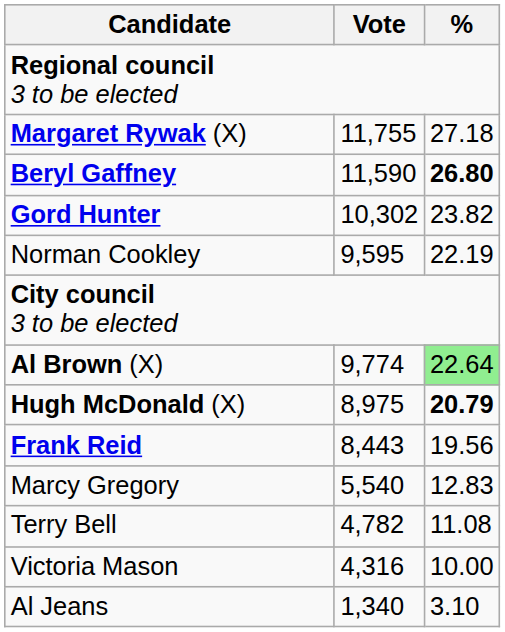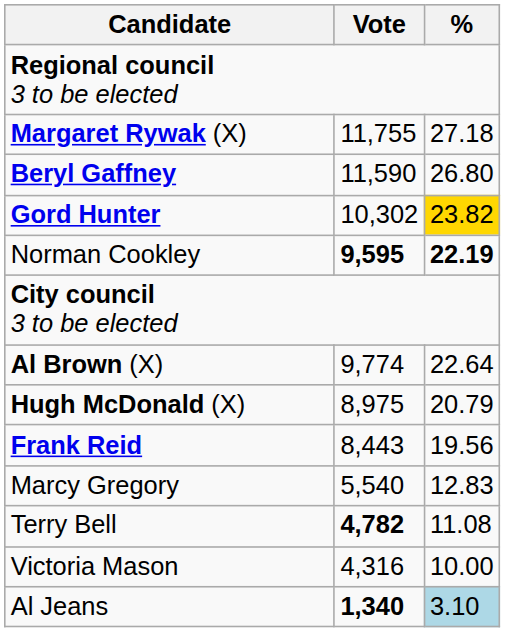 <table class="wikitable">
 <tr>
 <th bgcolor="#DDDDFF" width="200px">Candidate</th>
 <th bgcolor="#DDDDFF">Vote</th>
 <th bgcolor="#DDDDFF">%</th>
 </tr>
 <tr>
 <td colspan="4"><strong>Regional council</strong> <br> <em>3 to be elected</em></td>
 </tr>
 <tr>
 <td><strong><a href='#'>Margaret Rywak</a></strong> (X)</td>
 <td>11,755</td>
 <td>27.18</td>
 </tr>
 <tr>
 <td><strong><a href='#'>Beryl Gaffney</a></strong></td>
 <td>11,590</td>
-<td><strong>26.80</strong></td>
+<td>26.80</td>
 </tr>
 <tr>
 <td><strong><a href='#'>Gord Hunter</a></strong></td>
 <td>10,302</td>
-<td>23.82</td>
+<td style="background: gold;">23.82</td>
 </tr>
 <tr>
 <td>Norman Cookley</td>
-<td>9,595</td>
-<td>22.19</td>
+<td><strong>9,595</strong></td>
+<td><strong>22.19</strong></td>
 </tr>
 <tr>
 <td colspan="4"><strong>City council</strong> <br> <em>3 to be elected</em></td>
 </tr>
 <tr>
 <td><strong>Al Brown</strong> (X)</td>
 <td>9,774</td>
-<td style="background: lightgreen;">22.64</td>
+<td>22.64</td>
 </tr>
 <tr>
 <td><strong>Hugh McDonald</strong> (X)</td>
 <td>8,975</td>
-<td><strong>20.79</strong></td>
+<td>20.79</td>
 </tr>
 <tr>
 <td><strong><a href='#'>Frank Reid</a></strong></td>
 <td>8,443</td>
 <td>19.56</td>
 </tr>
 <tr>
 <td>Marcy Gregory</td>
 <td>5,540</td>
 <td>12.83</td>
 </tr>
 <tr>
 <td>Terry Bell</td>
-<td>4,782</td>
+<td><strong>4,782</strong></td>
 <td>11.08</td>
 </tr>
 <tr>
 <td>Victoria Mason</td>
 <td>4,316</td>
 <td>10.00</td>
 </tr>
 <tr>
 <td>Al Jeans</td>
-<td>1,340</td>
-<td>3.10</td>
+<td><strong>1,340</strong></td>
+<td style="background: lightblue;">3.10</td>
 </tr>
 </table>
